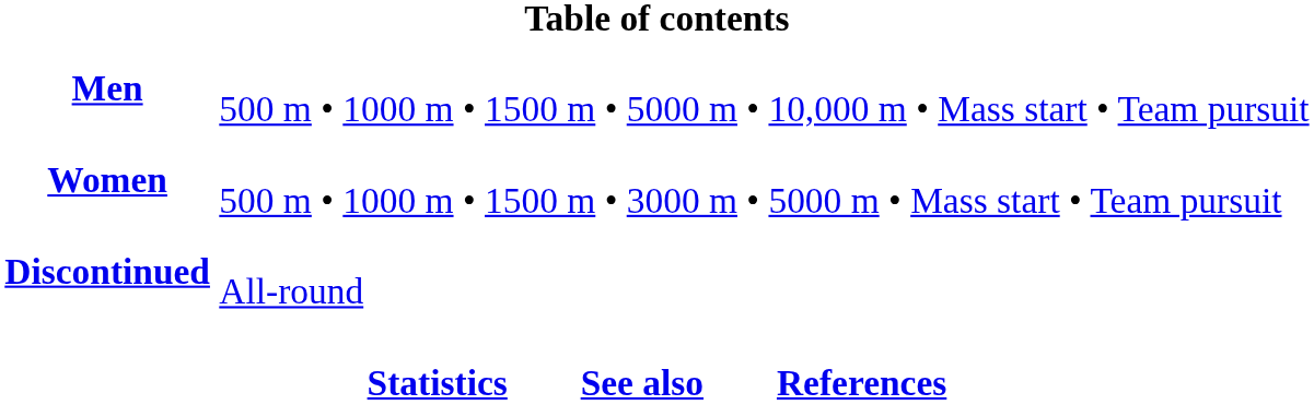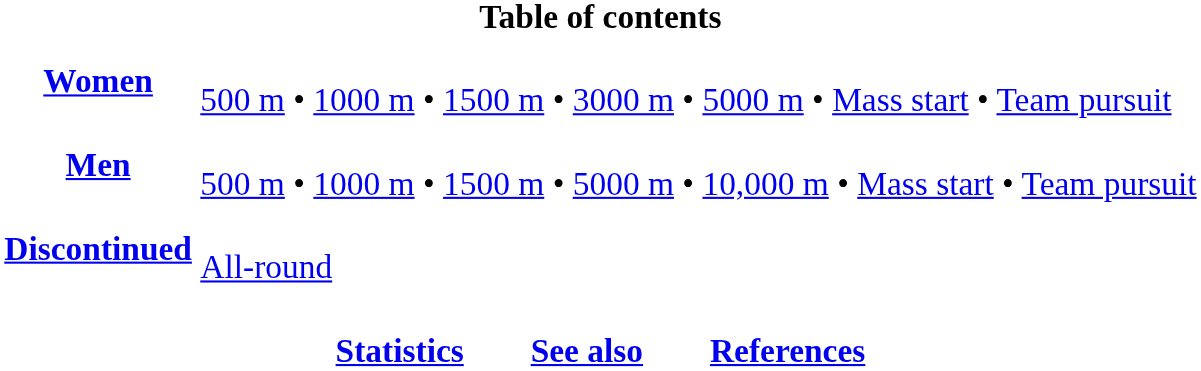 <table class="toc">
 <tr>
 <th colspan=2>Table of contents</th>
 </tr>
 <tr>
+<th><a href='#'>Women</a></th>
+<td><br><a href='#'>500 m</a> • <a href='#'>1000 m</a> •  <a href='#'>1500 m</a> •  <a href='#'>3000 m</a> •  <a href='#'>5000 m</a> •  <a href='#'>Mass start</a> •  <a href='#'>Team pursuit</a></td>
+</tr>
+<tr>
 <th><a href='#'>Men</a></th>
 <td><br><a href='#'>500 m</a> • <a href='#'>1000 m</a> •  <a href='#'>1500 m</a> •  <a href='#'>5000 m</a> •  <a href='#'>10,000 m</a> •  <a href='#'>Mass start</a> •  <a href='#'>Team pursuit</a></td>
-</tr>
-<tr>
-<th><a href='#'>Women</a></th>
-<td><br><a href='#'>500 m</a> • <a href='#'>1000 m</a> •  <a href='#'>1500 m</a> •  <a href='#'>3000 m</a> •  <a href='#'>5000 m</a> •  <a href='#'>Mass start</a> •  <a href='#'>Team pursuit</a></td>
 </tr>
 <tr>
 <th><a href='#'>Discontinued</a></th>
 <td><br><a href='#'>All-round</a></td>
 </tr>
 <tr>
 <td colspan=2 align=center><br><strong><a href='#'>Statistics</a></strong>        <strong><a href='#'>See also</a></strong>        <strong><a href='#'>References</a></strong></td>
 </tr>
 </table>
